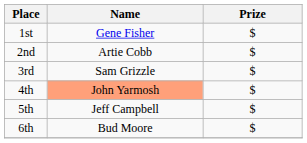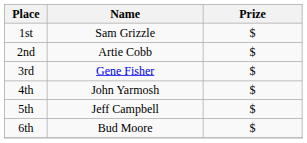 <table class="wikitable">
 <tr>
 <th width="50">Place</th>
 <th width="200">Name</th>
 <th width="125">Prize</th>
 </tr>
 <tr>
 <td align = "center">1st</td>
-<td align = "center"><a href='#'>Gene Fisher</a></td>
+<td align = "center">Sam Grizzle</td>
 <td align = "center">$</td>
 </tr>
 <tr>
 <td align = "center">2nd</td>
 <td align = "center">Artie Cobb</td>
 <td align = "center">$</td>
 </tr>
 <tr>
 <td align = "center">3rd</td>
-<td align = "center">Sam Grizzle</td>
+<td align = "center"><a href='#'>Gene Fisher</a></td>
 <td align = "center">$</td>
 </tr>
 <tr>
 <td align = "center">4th</td>
-<td align = "center" style="background: lightsalmon;">John Yarmosh</td>
+<td align = "center">John Yarmosh</td>
 <td align = "center">$</td>
 </tr>
 <tr>
 <td align = "center">5th</td>
 <td align = "center">Jeff Campbell</td>
 <td align = "center">$</td>
 </tr>
 <tr>
 <td align = "center">6th</td>
 <td align = "center">Bud Moore</td>
 <td align = "center">$</td>
 </tr>
 <tr>
 </tr>
 </table>
